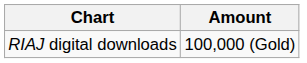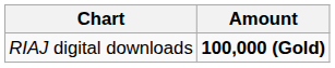 <table class="wikitable">
 <tr>
 <th>Chart</th>
 <th>Amount</th>
 </tr>
 <tr>
 <td><em>RIAJ</em> digital downloads</td>
-<td align="center">100,000 (Gold)</td>
+<td align="center"><strong>100,000 (Gold)</strong></td>
 </tr>
 </table>
